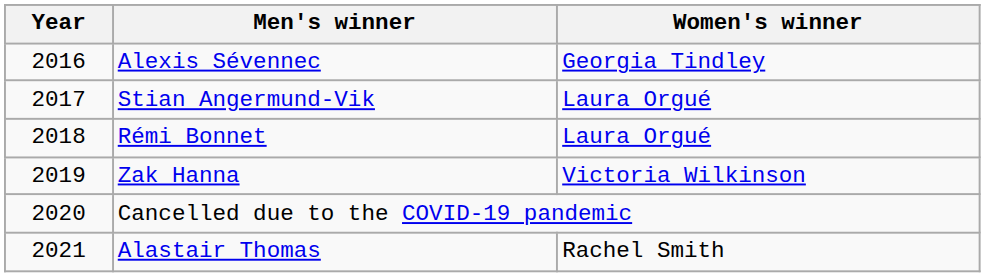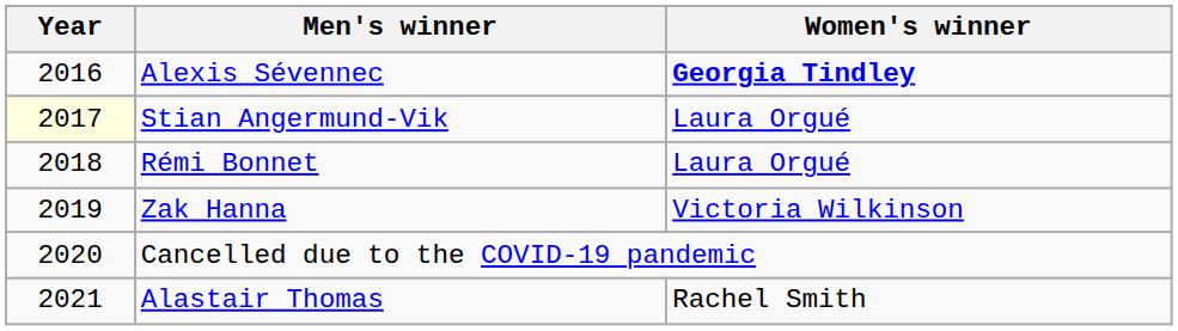 <table class="wikitable" width=40% style="font-size:90%; text-align:left;">
 <tr>
 <th>Year</th>
 <th>Men's winner</th>
 <th>Women's winner</th>
 </tr>
 <tr>
 <td align=center>2016</td>
 <td> <a href='#'>Alexis Sévennec</a></td>
-<td> <a href='#'>Georgia Tindley</a></td>
+<td><strong> <a href='#'>Georgia Tindley</a></strong></td>
 </tr>
 <tr>
-<td align=center>2017</td>
+<td align=center style="background: lightyellow;">2017</td>
 <td> <a href='#'>Stian Angermund-Vik</a></td>
 <td> <a href='#'>Laura Orgué</a></td>
 </tr>
 <tr>
 <td align=center>2018</td>
 <td> <a href='#'>Rémi Bonnet</a></td>
 <td> <a href='#'>Laura Orgué</a></td>
 </tr>
 <tr>
 <td align=center>2019</td>
 <td> <a href='#'>Zak Hanna</a></td>
 <td> <a href='#'>Victoria Wilkinson</a></td>
 </tr>
 <tr>
 <td align=center>2020</td>
 <td colspan="2">Cancelled due to the <a href='#'>COVID-19 pandemic</a></td>
 </tr>
 <tr>
 <td align=center>2021</td>
 <td> <a href='#'>Alastair Thomas</a></td>
 <td> Rachel Smith</td>
 </tr>
 </table>
